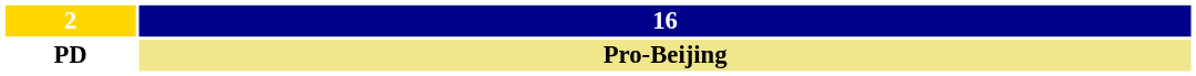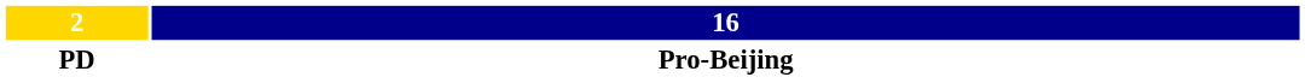 <table style="width:60%; text-align:center;">
 <tr style="color:white;">
 <td style="background:gold; width:11%;"><strong>2</strong></td>
 <td style="background:darkblue; width:89%;"><strong>16</strong></td>
 </tr>
 <tr>
 <td><span><strong>PD</strong></span></td>
-<td style="background: khaki;"><span><strong>Pro-Beijing</strong></span></td>
+<td><span><strong>Pro-Beijing</strong></span></td>
 </tr>
 </table>
